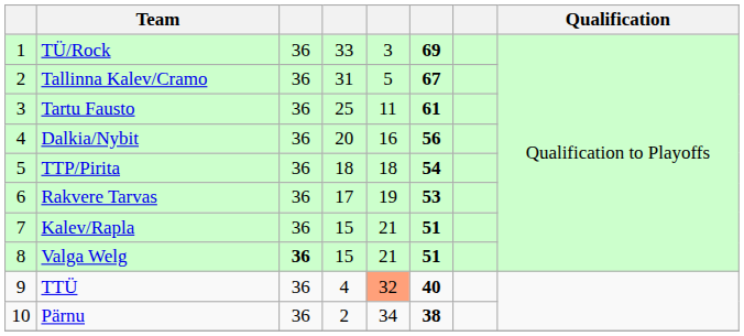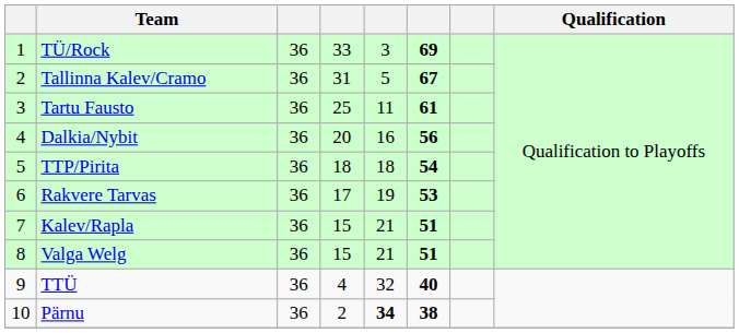 <table class="wikitable" style="text-align: center;">
 <tr>
 <th width=20></th>
 <th width=200>Team</th>
 <th width=30></th>
 <th width=30></th>
 <th width=30></th>
 <th width=30></th>
 <th width=30></th>
 <th width=200>Qualification</th>
 </tr>
 <tr bgcolor=#ccffcc>
 <td>1</td>
 <td align="left"><a href='#'>TÜ/Rock</a></td>
 <td>36</td>
 <td>33</td>
 <td>3</td>
 <td><strong>69</strong></td>
 <td></td>
 <td rowspan=8 align="center">Qualification to Playoffs</td>
 </tr>
 <tr bgcolor=#ccffcc>
 <td>2</td>
 <td align="left"><a href='#'>Tallinna Kalev/Cramo</a></td>
 <td>36</td>
 <td>31</td>
 <td>5</td>
 <td><strong>67</strong></td>
 <td></td>
 </tr>
 <tr bgcolor=#ccffcc>
 <td>3</td>
 <td align="left"><a href='#'>Tartu Fausto</a></td>
 <td>36</td>
 <td>25</td>
 <td>11</td>
 <td><strong>61</strong></td>
 <td></td>
 </tr>
 <tr bgcolor=#ccffcc>
 <td>4</td>
 <td align="left"><a href='#'>Dalkia/Nybit</a></td>
 <td>36</td>
 <td>20</td>
 <td>16</td>
 <td><strong>56</strong></td>
 <td></td>
 </tr>
 <tr bgcolor=#ccffcc>
 <td>5</td>
 <td align="left"><a href='#'>TTP/Pirita</a></td>
 <td>36</td>
 <td>18</td>
 <td>18</td>
 <td><strong>54</strong></td>
 <td></td>
 </tr>
 <tr bgcolor=#ccffcc>
 <td>6</td>
 <td align="left"><a href='#'>Rakvere Tarvas</a></td>
 <td>36</td>
 <td>17</td>
 <td>19</td>
 <td><strong>53</strong></td>
 <td></td>
 </tr>
 <tr bgcolor=#ccffcc>
 <td>7</td>
 <td align="left"><a href='#'>Kalev/Rapla</a></td>
 <td>36</td>
 <td>15</td>
 <td>21</td>
 <td><strong>51</strong></td>
 <td></td>
 </tr>
 <tr bgcolor=#ccffcc>
 <td>8</td>
 <td align="left"><a href='#'>Valga Welg</a></td>
-<td><strong>36</strong></td>
+<td>36</td>
 <td>15</td>
 <td>21</td>
 <td><strong>51</strong></td>
 <td></td>
 </tr>
 <tr>
 <td>9</td>
 <td align="left"><a href='#'>TTÜ</a></td>
 <td>36</td>
 <td>4</td>
-<td style="background: lightsalmon;">32</td>
+<td>32</td>
 <td><strong>40</strong></td>
 <td></td>
 <td rowspan=2></td>
 </tr>
 <tr>
 <td>10</td>
 <td align="left"><a href='#'>Pärnu</a></td>
 <td>36</td>
 <td>2</td>
-<td>34</td>
+<td><strong>34</strong></td>
 <td><strong>38</strong></td>
 <td></td>
 </tr>
 <tr>
 </tr>
 </table>
